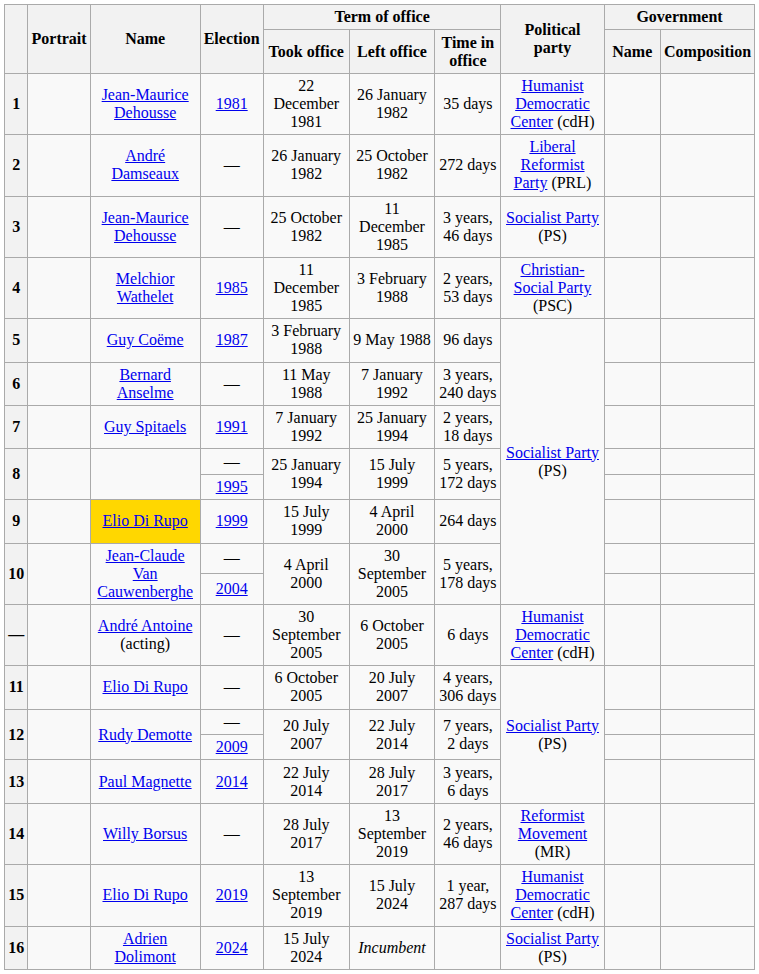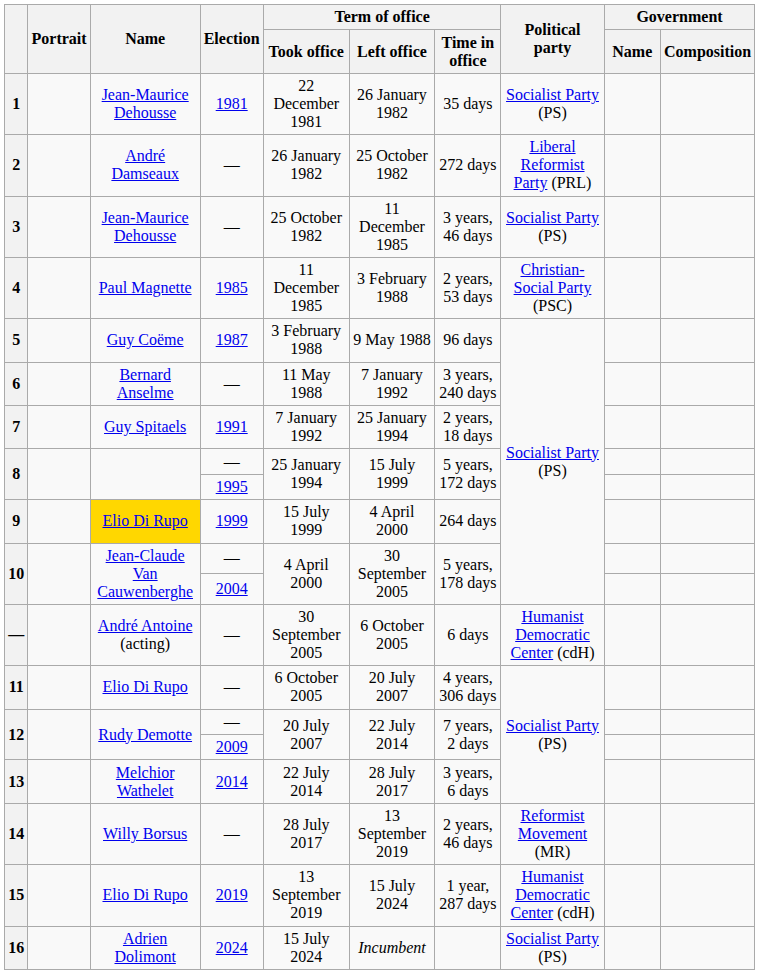 <table class="wikitable" width="85%" style="text-align:center;">
 <tr>
 <th rowspan="2"></th>
 <th rowspan="2" width="70px">Portrait</th>
 <th rowspan="2" width="15%">Name<br></th>
 <th rowspan="2" width="5%">Election</th>
 <th colspan="3">Term of office</th>
 <th rowspan="2" width="15%">Political party</th>
 <th colspan="2">Government</th>
 </tr>
 <tr>
 <th width="12%">Took office</th>
 <th width="12%">Left office</th>
 <th width="10%">Time in office</th>
 <th width="8%">Name</th>
 <th width="12%">Composition</th>
 </tr>
 <tr>
 <th style="background:">1</th>
 <td></td>
 <td><a href='#'>Jean-Maurice Dehousse</a><br></td>
 <td><a href='#'>1981</a></td>
 <td>22 December 1981</td>
 <td>26 January 1982</td>
 <td>35 days</td>
-<td><a href='#'>Humanist Democratic Center</a> (cdH)</td>
+<td><a href='#'>Socialist Party</a> (PS)</td>
 <td></td>
 <td></td>
 </tr>
 <tr>
 <th style="background:">2</th>
 <td></td>
 <td><a href='#'>André Damseaux</a><br></td>
 <td>—</td>
 <td>26 January 1982</td>
 <td>25 October 1982</td>
 <td>272 days</td>
 <td><a href='#'>Liberal Reformist Party</a> (PRL)</td>
 <td></td>
 <td></td>
 </tr>
 <tr>
 <th style="background:">3</th>
 <td></td>
 <td><a href='#'>Jean-Maurice Dehousse</a><br></td>
 <td>—</td>
 <td>25 October 1982</td>
 <td>11 December 1985</td>
 <td>3 years, 46 days</td>
 <td><a href='#'>Socialist Party</a> (PS)</td>
 <td></td>
 <td></td>
 </tr>
 <tr>
 <th style="background:">4</th>
 <td></td>
-<td><a href='#'>Melchior Wathelet</a><br></td>
+<td><a href='#'>Paul Magnette</a><br></td>
 <td><a href='#'>1985</a></td>
 <td>11 December 1985</td>
 <td>3 February 1988</td>
 <td>2 years, 53 days</td>
 <td><a href='#'>Christian-Social Party</a> (PSC)</td>
 <td></td>
 <td></td>
 </tr>
 <tr>
 <th style="background:">5</th>
 <td></td>
 <td><a href='#'>Guy Coëme</a><br></td>
 <td><a href='#'>1987</a></td>
 <td>3 February 1988</td>
 <td>9 May 1988</td>
 <td>96 days</td>
 <td rowspan=8><a href='#'>Socialist Party</a> (PS)</td>
 <td></td>
 <td></td>
 </tr>
 <tr>
 <th style="background:">6</th>
 <td></td>
 <td><a href='#'>Bernard Anselme</a><br></td>
 <td>—</td>
 <td>11 May 1988</td>
 <td>7 January 1992</td>
 <td>3 years,<br>240 days</td>
 <td></td>
 <td></td>
 </tr>
 <tr>
 <th style="background:">7</th>
 <td></td>
 <td><a href='#'>Guy Spitaels</a><br></td>
 <td><a href='#'>1991</a></td>
 <td>7 January 1992</td>
 <td>25 January 1994</td>
 <td>2 years, 18 days</td>
 <td></td>
 <td></td>
 </tr>
 <tr>
 <th rowspan="2" style="background:">8</th>
 <td rowspan="2"></td>
 <td rowspan="2"><br></td>
 <td>—</td>
 <td rowspan="2">25 January 1994</td>
 <td rowspan="2">15 July 1999</td>
 <td rowspan="2">5 years, 172 days</td>
 <td></td>
 <td></td>
 </tr>
 <tr>
 <td><a href='#'>1995</a></td>
 <td></td>
 <td></td>
 </tr>
 <tr>
 <th style="background:">9</th>
 <td></td>
 <td style="background: gold;"><a href='#'>Elio Di Rupo</a><br></td>
 <td><a href='#'>1999</a></td>
 <td>15 July 1999</td>
 <td>4 April 2000</td>
 <td>264 days</td>
 <td></td>
 <td></td>
 </tr>
 <tr>
 <th rowspan="2" style="background:">10</th>
 <td rowspan="2"></td>
 <td rowspan="2"><a href='#'>Jean-Claude Van Cauwenberghe</a><br></td>
 <td>—</td>
 <td rowspan="2">4 April 2000</td>
 <td rowspan="2">30 September 2005</td>
 <td rowspan="2">5 years, 178 days</td>
 <td></td>
 <td></td>
 </tr>
 <tr>
 <td><a href='#'>2004</a></td>
 <td></td>
 <td></td>
 </tr>
 <tr>
 <th style="background:">—</th>
 <td></td>
 <td><a href='#'>André Antoine</a> (acting)<br></td>
 <td>—</td>
 <td>30 September 2005</td>
 <td>6 October 2005</td>
 <td>6 days</td>
 <td><a href='#'>Humanist Democratic Center</a> (cdH)</td>
 <td></td>
 <td></td>
 </tr>
 <tr>
 <th style="background:">11</th>
 <td></td>
 <td><a href='#'>Elio Di Rupo</a><br></td>
 <td>—</td>
 <td>6 October 2005</td>
 <td>20 July 2007</td>
 <td>4 years, 306 days</td>
 <td rowspan=4><a href='#'>Socialist Party</a> (PS)</td>
 <td></td>
 <td></td>
 </tr>
 <tr>
 <th rowspan="2" style="background:">12</th>
 <td rowspan="2"></td>
 <td rowspan="2"><a href='#'>Rudy Demotte</a><br></td>
 <td>—</td>
 <td rowspan="2">20 July 2007</td>
 <td rowspan="2">22 July 2014</td>
 <td rowspan="2">7 years,<br>2 days</td>
 <td></td>
 <td></td>
 </tr>
 <tr>
 <td><a href='#'>2009</a></td>
 <td></td>
 <td></td>
 </tr>
 <tr>
 <th style="background:">13</th>
 <td></td>
-<td><a href='#'>Paul Magnette</a><br></td>
+<td><a href='#'>Melchior Wathelet</a><br></td>
 <td><a href='#'>2014</a></td>
 <td>22 July 2014</td>
 <td>28 July 2017</td>
 <td>3 years,<br>6 days</td>
 <td></td>
 <td></td>
 </tr>
 <tr>
 <th style="background:">14</th>
 <td></td>
 <td><a href='#'>Willy Borsus</a><br></td>
 <td>—</td>
 <td>28 July 2017</td>
 <td>13 September 2019</td>
 <td>2 years, 46 days</td>
 <td><a href='#'>Reformist Movement</a> (MR)</td>
 <td></td>
 <td></td>
 </tr>
 <tr>
 <th style="background:">15</th>
 <td></td>
 <td><a href='#'>Elio Di Rupo</a><br></td>
 <td><a href='#'>2019</a></td>
 <td>13 September 2019</td>
 <td>15 July 2024</td>
 <td>1 year, 287 days</td>
 <td><a href='#'>Humanist Democratic Center</a> (cdH)</td>
 <td></td>
 <td></td>
 </tr>
 <tr>
 <th style="background:">16</th>
 <td></td>
 <td><a href='#'>Adrien Dolimont</a><br></td>
 <td><a href='#'>2024</a></td>
 <td>15 July 2024</td>
 <td><em>Incumbent</em></td>
 <td></td>
 <td><a href='#'>Socialist Party</a> (PS)</td>
 <td></td>
 <td></td>
 </tr>
 </table>
